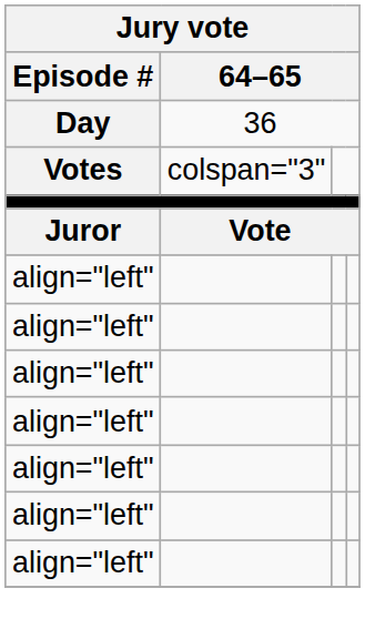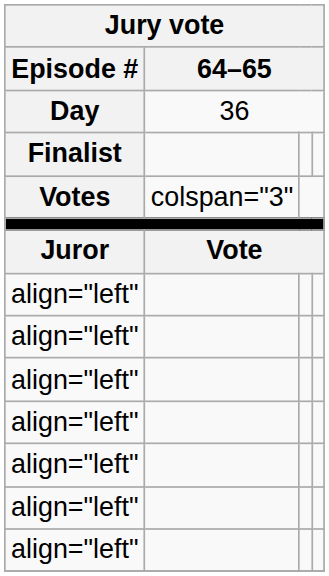 <table class="wikitable" style="text-align:center">
 <tr>
 <th colspan=4>Jury vote</th>
 </tr>
 <tr>
 <th>Episode #</th>
 <th colspan="3">64–65</th>
 </tr>
 <tr>
 <th>Day</th>
 <td colspan="3">36</td>
+</tr>
+<tr>
+<th>Finalist</th>
+<td></td>
+<td></td>
+<td></td>
 </tr>
 <tr>
 <th>Votes</th>
 <td>colspan="3" </td>
 </tr>
 <tr>
 <td colspan="4" style="background:black;"></td>
 </tr>
 <tr>
 <th>Juror</th>
 <th colspan="3">Vote</th>
 </tr>
 <tr>
 <td>align="left" </td>
 <td></td>
 <td></td>
 <td></td>
 </tr>
 <tr>
 <td>align="left" </td>
 <td></td>
 <td></td>
 <td></td>
 </tr>
 <tr>
 <td>align="left" </td>
 <td></td>
 <td></td>
 <td></td>
 </tr>
 <tr>
 <td>align="left" </td>
 <td></td>
 <td></td>
 <td></td>
 </tr>
 <tr>
 <td>align="left" </td>
 <td></td>
 <td></td>
 <td></td>
 </tr>
 <tr>
 <td>align="left" </td>
 <td></td>
 <td></td>
 <td></td>
 </tr>
 <tr>
 <td>align="left" </td>
 <td></td>
 <td></td>
 <td></td>
 </tr>
 <tr>
 </tr>
 </table>
